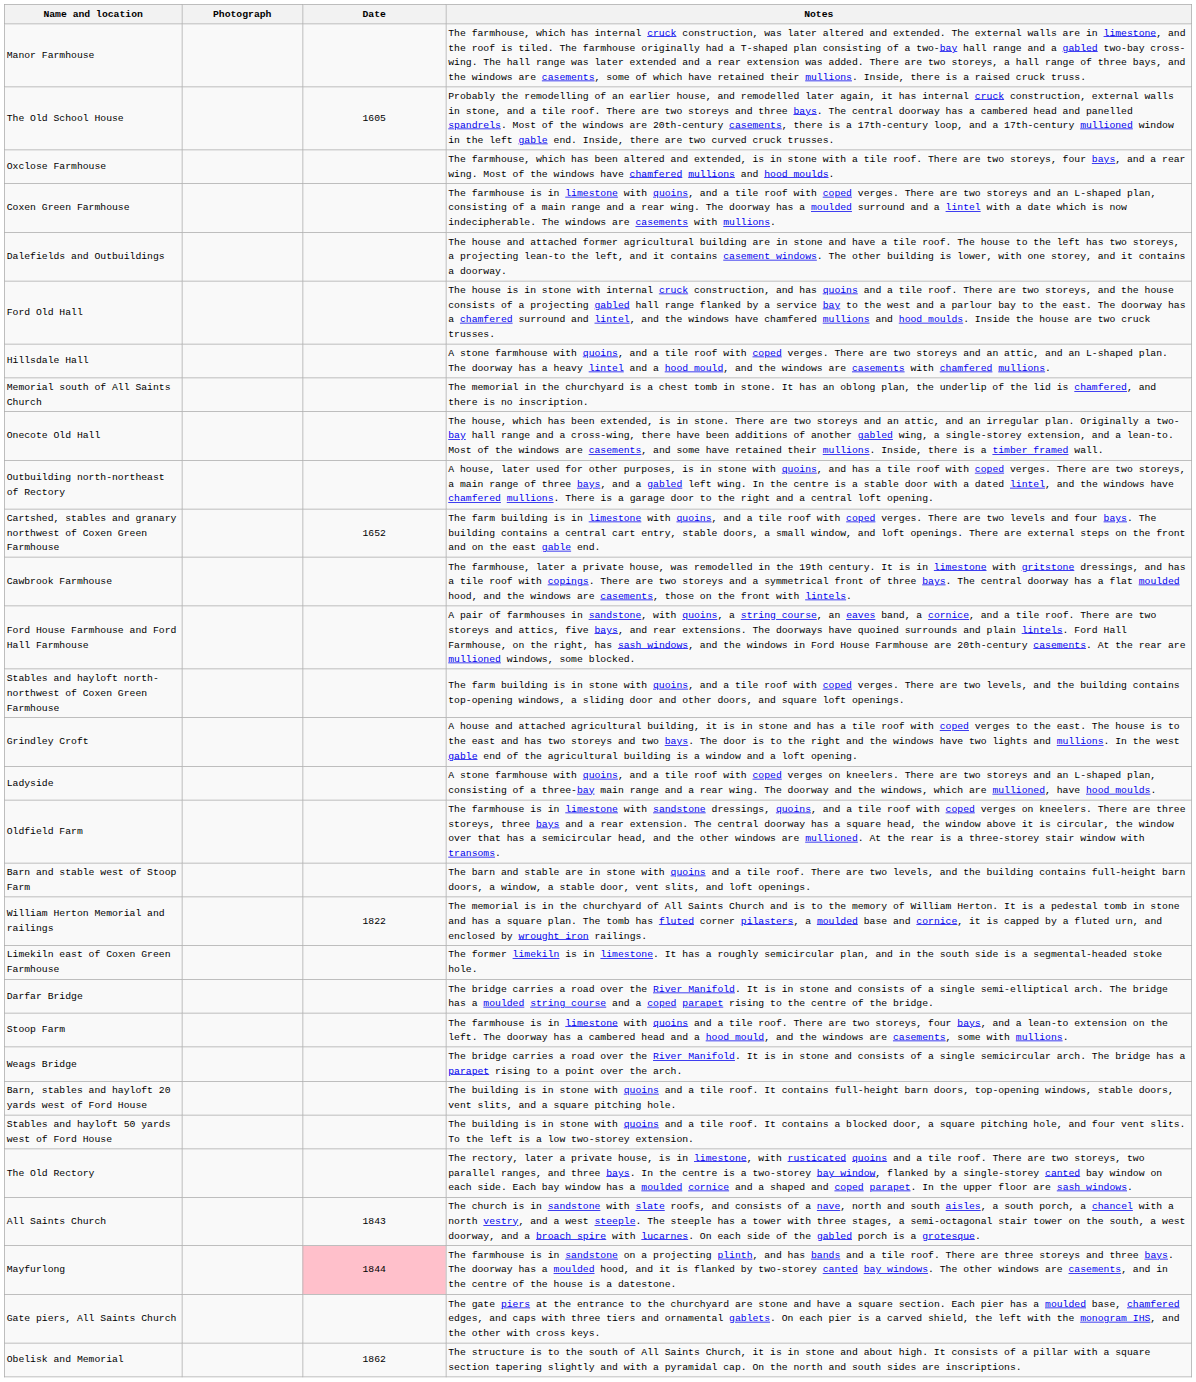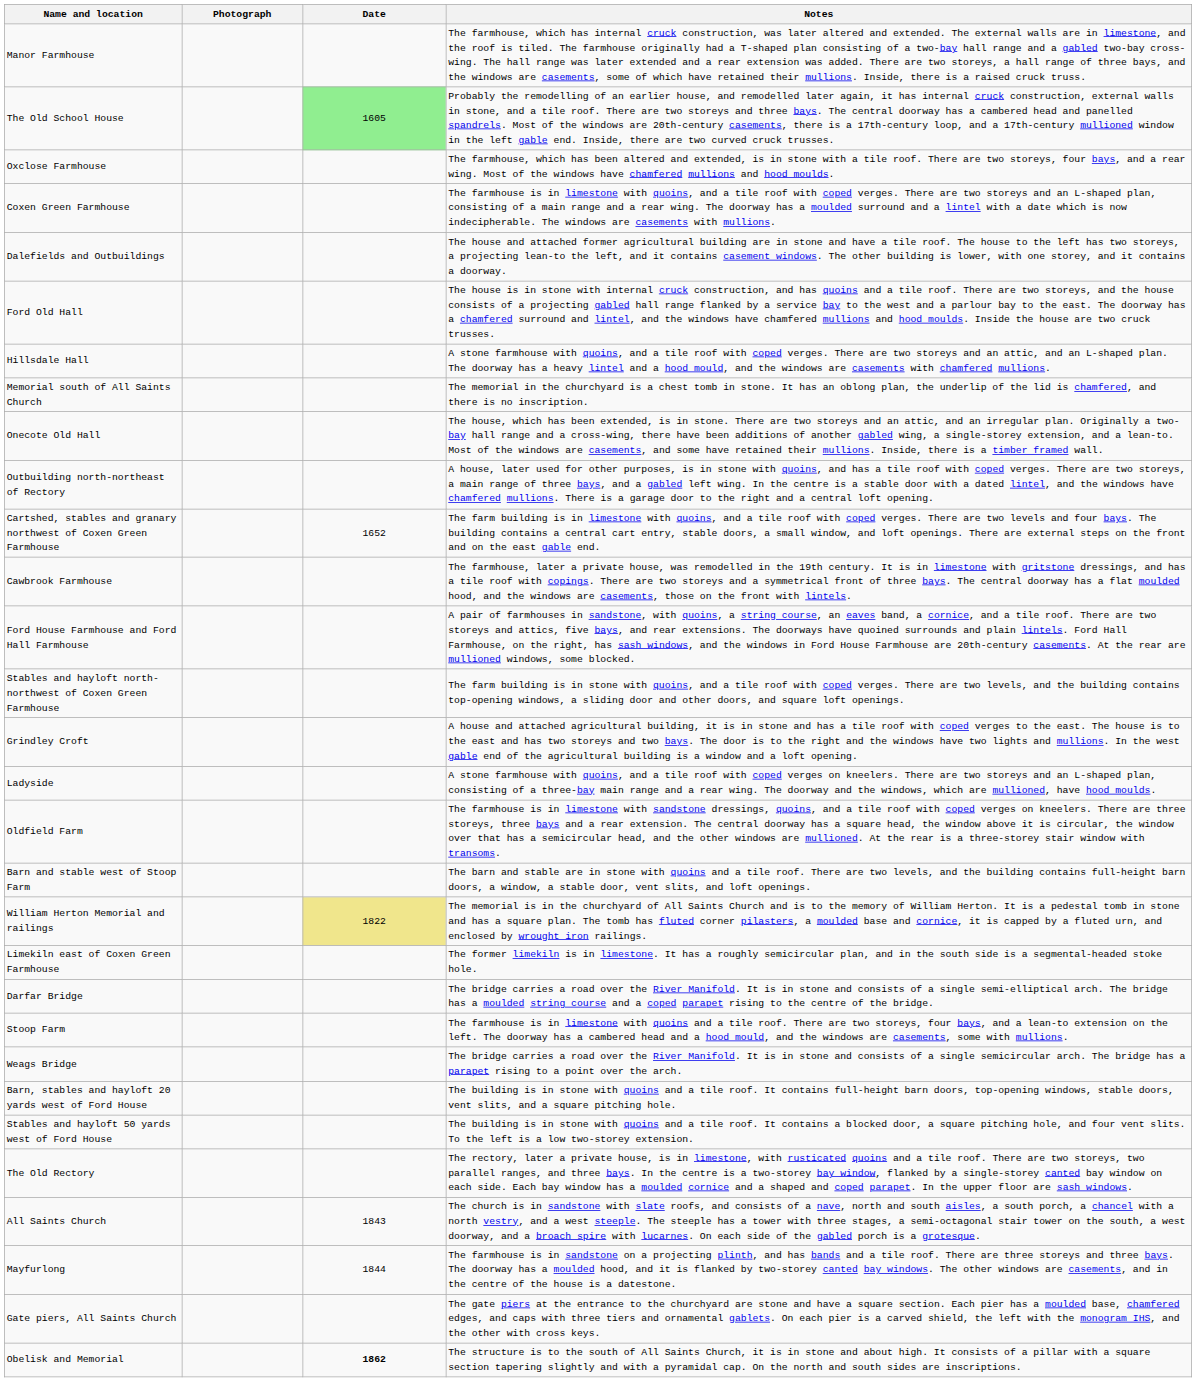 <table class="wikitable sortable plainrowheaders" style="width:100%; border:0px; text-align:left; line-height:150%">
 <tr>
 <th scope="col"  style="width:150px">Name and location</th>
 <th scope="col"  style="width:100px" class="unsortable">Photograph</th>
 <th scope="col"  style="width:120px">Date</th>
 <th scope="col"  style="width:650px" class="unsortable">Notes</th>
 </tr>
 <tr>
 <td>Manor Farmhouse<br><small></small></td>
 <td></td>
 <td align="center"></td>
 <td>The farmhouse, which has internal <a href='#'>cruck</a> construction, was later altered and extended.  The external walls are in <a href='#'>limestone</a>, and the roof is tiled.  The farmhouse originally had a T-shaped plan consisting of a two-<a href='#'>bay</a> hall range and a <a href='#'>gabled</a> two-bay cross-wing.  The hall range was later extended and a rear extension was added.  There are two storeys, a hall range of three bays, and the windows are <a href='#'>casements</a>, some of which have retained their <a href='#'>mullions</a>.  Inside, there is a raised cruck truss.</td>
 </tr>
 <tr>
 <td>The Old School House<br><small></small></td>
 <td></td>
-<td align="center">1605</td>
+<td align="center" style="background: lightgreen;">1605</td>
 <td>Probably the remodelling of an earlier house, and remodelled later again, it has internal <a href='#'>cruck</a> construction, external walls in stone, and a tile roof.  There are two storeys and three <a href='#'>bays</a>.  The central doorway has a cambered head and panelled <a href='#'>spandrels</a>.  Most of the windows are 20th-century <a href='#'>casements</a>, there is a 17th-century loop, and a 17th-century <a href='#'>mullioned</a> window in the left <a href='#'>gable</a> end.  Inside, there are two curved cruck trusses.</td>
 </tr>
 <tr>
 <td>Oxclose Farmhouse<br><small></small></td>
 <td></td>
 <td align="center"></td>
 <td>The farmhouse, which has been altered and extended, is in stone with a tile roof.  There are two storeys, four <a href='#'>bays</a>, and a rear wing.  Most of the windows have <a href='#'>chamfered</a> <a href='#'>mullions</a> and <a href='#'>hood moulds</a>.</td>
 </tr>
 <tr>
 <td>Coxen Green Farmhouse<br><small></small></td>
 <td></td>
 <td align="center"></td>
 <td>The farmhouse is in <a href='#'>limestone</a> with <a href='#'>quoins</a>, and a tile roof with <a href='#'>coped</a> verges.  There are two storeys and an L-shaped plan, consisting of a main range and a rear wing.  The doorway has a <a href='#'>moulded</a> surround and a <a href='#'>lintel</a> with a date which is now indecipherable.  The windows are <a href='#'>casements</a> with <a href='#'>mullions</a>.</td>
 </tr>
 <tr>
 <td>Dalefields and Outbuildings<br><small></small></td>
 <td></td>
 <td align="center"></td>
 <td>The house and attached former agricultural building are in stone and have a tile roof.  The house to the left has two storeys, a projecting lean-to the left, and it contains <a href='#'>casement windows</a>.  The other building is lower, with one storey, and it contains a doorway.</td>
 </tr>
 <tr>
 <td>Ford Old Hall<br><small></small></td>
 <td></td>
 <td align="center"></td>
 <td>The house is in stone with internal <a href='#'>cruck</a> construction, and has <a href='#'>quoins</a> and a tile roof. There are two storeys, and the house consists of a projecting <a href='#'>gabled</a> hall range flanked by a service <a href='#'>bay</a> to the west and a parlour bay to the east. The doorway has a <a href='#'>chamfered</a> surround and <a href='#'>lintel</a>, and the windows have chamfered <a href='#'>mullions</a> and <a href='#'>hood moulds</a>. Inside the house are two cruck trusses.</td>
 </tr>
 <tr>
 <td>Hillsdale Hall<br><small></small></td>
 <td></td>
 <td align="center"></td>
 <td>A stone farmhouse with <a href='#'>quoins</a>, and a tile roof with <a href='#'>coped</a> verges. There are two storeys and an attic, and an L-shaped plan. The doorway has a heavy <a href='#'>lintel</a> and a <a href='#'>hood mould</a>, and the windows are <a href='#'>casements</a> with <a href='#'>chamfered</a> <a href='#'>mullions</a>.</td>
 </tr>
 <tr>
 <td>Memorial south of All Saints Church<br><small></small></td>
 <td></td>
 <td align="center"></td>
 <td>The memorial in the churchyard is a chest tomb in stone.  It has an oblong plan, the underlip of the lid is <a href='#'>chamfered</a>, and there is no inscription.</td>
 </tr>
 <tr>
 <td>Onecote Old Hall<br><small></small></td>
 <td></td>
 <td align="center"></td>
 <td>The house, which has been extended, is in stone.  There are two storeys and an attic, and an irregular plan.  Originally a two-<a href='#'>bay</a> hall range and a cross-wing, there have been additions of another <a href='#'>gabled</a> wing, a single-storey extension, and a lean-to.  Most of the windows are <a href='#'>casements</a>, and some have retained their <a href='#'>mullions</a>.  Inside, there is a <a href='#'>timber framed</a> wall.</td>
 </tr>
 <tr>
 <td>Outbuilding north-northeast of Rectory<br><small></small></td>
 <td></td>
 <td align="center"></td>
 <td>A house, later used for other purposes, is in stone with <a href='#'>quoins</a>, and has a tile roof with <a href='#'>coped</a> verges.  There are two storeys, a main range of three <a href='#'>bays</a>, and a <a href='#'>gabled</a> left wing.  In the centre is a stable door with a dated <a href='#'>lintel</a>, and the windows have <a href='#'>chamfered</a> <a href='#'>mullions</a>.  There is a garage door to the right and a central loft opening.</td>
 </tr>
 <tr>
 <td>Cartshed, stables and granary northwest of Coxen Green Farmhouse<br><small></small></td>
 <td></td>
 <td align="center">1652</td>
 <td>The farm building is in <a href='#'>limestone</a> with <a href='#'>quoins</a>, and a tile roof with <a href='#'>coped</a> verges.  There are two levels and four <a href='#'>bays</a>.  The building contains a central cart entry, stable doors, a small window, and loft openings.  There are external steps on the front and on the east <a href='#'>gable</a> end.</td>
 </tr>
 <tr>
 <td>Cawbrook Farmhouse<br><small></small></td>
 <td></td>
 <td align="center"></td>
 <td>The farmhouse, later a private house, was remodelled in the 19th century.  It is in <a href='#'>limestone</a> with <a href='#'>gritstone</a> dressings, and has a tile roof with <a href='#'>copings</a>.  There are two storeys and a symmetrical front of three <a href='#'>bays</a>.  The central doorway has a flat <a href='#'>moulded</a> hood, and the windows are <a href='#'>casements</a>, those on the front with <a href='#'>lintels</a>.</td>
 </tr>
 <tr>
 <td>Ford House Farmhouse and Ford Hall Farmhouse<br><small></small></td>
 <td></td>
 <td align="center"></td>
 <td>A pair of farmhouses in <a href='#'>sandstone</a>, with <a href='#'>quoins</a>, a <a href='#'>string course</a>, an <a href='#'>eaves</a> band, a <a href='#'>cornice</a>, and a tile roof. There are two storeys and attics, five <a href='#'>bays</a>, and rear extensions.  The doorways have quoined surrounds and plain <a href='#'>lintels</a>.  Ford Hall Farmhouse, on the right, has <a href='#'>sash windows</a>, and the windows in Ford House Farmhouse are 20th-century <a href='#'>casements</a>.  At the rear are <a href='#'>mullioned</a> windows, some blocked.</td>
 </tr>
 <tr>
 <td>Stables and hayloft north-northwest of Coxen Green Farmhouse<br><small></small></td>
 <td></td>
 <td align="center"></td>
 <td>The farm building is in stone with <a href='#'>quoins</a>, and a tile roof with <a href='#'>coped</a> verges.  There are two levels, and the building contains top-opening windows, a sliding door and other doors, and square loft openings.</td>
 </tr>
 <tr>
 <td>Grindley Croft<br><small></small></td>
 <td></td>
 <td align="center"></td>
 <td>A house and attached agricultural building, it is in stone and has a tile roof with <a href='#'>coped</a> verges to the east.  The house is to the east and has two storeys and two <a href='#'>bays</a>.  The door is to the right and the windows have two lights and <a href='#'>mullions</a>.  In the west <a href='#'>gable</a> end of the agricultural building is a window and a loft opening.</td>
 </tr>
 <tr>
 <td>Ladyside<br><small></small></td>
 <td></td>
 <td align="center"></td>
 <td>A stone farmhouse with <a href='#'>quoins</a>, and a tile roof with <a href='#'>coped</a> verges on kneelers.  There are two storeys and an L-shaped plan, consisting of a three-<a href='#'>bay</a> main range and a rear wing.  The doorway and the windows, which are <a href='#'>mullioned</a>, have <a href='#'>hood moulds</a>.</td>
 </tr>
 <tr>
 <td>Oldfield Farm<br><small></small></td>
 <td></td>
 <td align="center"></td>
 <td>The farmhouse is in <a href='#'>limestone</a> with <a href='#'>sandstone</a> dressings, <a href='#'>quoins</a>, and a tile roof with <a href='#'>coped</a> verges on kneelers.  There are three storeys, three <a href='#'>bays</a> and a rear extension.  The central doorway has a square head, the window above it is circular, the window over that has a semicircular head, and the other windows are <a href='#'>mullioned</a>.  At the rear is a three-storey stair window with <a href='#'>transoms</a>.</td>
 </tr>
 <tr>
 <td>Barn and stable west of Stoop Farm<br><small></small></td>
 <td></td>
 <td align="center"></td>
 <td>The barn and stable are in stone with <a href='#'>quoins</a> and a tile roof.  There are two levels, and the building contains full-height barn doors, a window, a stable door, vent slits, and loft openings.</td>
 </tr>
 <tr>
 <td>William Herton Memorial and railings<br><small></small></td>
 <td></td>
-<td align="center">1822</td>
+<td align="center" style="background: khaki;">1822</td>
 <td>The memorial is in the churchyard of All Saints Church and is to the memory of William Herton.  It is a pedestal tomb in stone and has a square plan.  The tomb has <a href='#'>fluted</a> corner <a href='#'>pilasters</a>, a <a href='#'>moulded</a> base and <a href='#'>cornice</a>, it is capped by a fluted urn, and enclosed by <a href='#'>wrought iron</a> railings.</td>
 </tr>
 <tr>
 <td>Limekiln east of Coxen Green Farmhouse<br><small></small></td>
 <td></td>
 <td align="center"></td>
 <td>The former <a href='#'>limekiln</a> is in <a href='#'>limestone</a>.  It has a roughly semicircular plan, and in the south side is a segmental-headed stoke hole.</td>
 </tr>
 <tr>
 <td>Darfar Bridge<br><small></small></td>
 <td></td>
 <td align="center"></td>
 <td>The bridge carries a road over the <a href='#'>River Manifold</a>.  It is in stone and consists of a single semi-elliptical arch.  The bridge has a <a href='#'>moulded</a> <a href='#'>string course</a> and a <a href='#'>coped</a> <a href='#'>parapet</a> rising to the centre of the bridge.</td>
 </tr>
 <tr>
 <td>Stoop Farm<br><small></small></td>
 <td></td>
 <td align="center"></td>
 <td>The farmhouse is in <a href='#'>limestone</a> with <a href='#'>quoins</a> and a tile roof.  There are two storeys, four <a href='#'>bays</a>, and a lean-to extension on the left.  The doorway has a cambered head and a <a href='#'>hood mould</a>, and the windows are <a href='#'>casements</a>, some with <a href='#'>mullions</a>.</td>
 </tr>
 <tr>
 <td>Weags Bridge<br><small></small></td>
 <td></td>
 <td align="center"></td>
 <td>The bridge carries a road over the <a href='#'>River Manifold</a>.  It is in stone and consists of a single semicircular arch.  The bridge has a <a href='#'>parapet</a> rising to a point over the arch.</td>
 </tr>
 <tr>
 <td>Barn, stables and hayloft 20 yards west of Ford House<br><small></small></td>
 <td></td>
 <td align="center"></td>
 <td>The building is in stone with <a href='#'>quoins</a> and a tile roof.  It contains full-height barn doors, top-opening windows, stable doors, vent slits, and a square pitching hole.</td>
 </tr>
 <tr>
 <td>Stables and hayloft 50 yards west of Ford House<br><small></small></td>
 <td></td>
 <td align="center"></td>
 <td>The building is in stone with <a href='#'>quoins</a> and a tile roof.  It contains a blocked door, a square pitching hole, and four vent slits.  To the left is a low two-storey extension.</td>
 </tr>
 <tr>
 <td>The Old Rectory<br><small></small></td>
 <td></td>
 <td align="center"></td>
 <td>The rectory, later a private house, is in <a href='#'>limestone</a>, with <a href='#'>rusticated</a> <a href='#'>quoins</a> and a tile roof.  There are two storeys, two parallel ranges, and three <a href='#'>bays</a>.  In the centre is a two-storey <a href='#'>bay window</a>, flanked by a single-storey <a href='#'>canted</a> bay window on each side.  Each bay window has a <a href='#'>moulded</a> <a href='#'>cornice</a> and a shaped and <a href='#'>coped</a> <a href='#'>parapet</a>.  In the upper floor are <a href='#'>sash windows</a>.</td>
 </tr>
 <tr>
 <td>All Saints Church<br><small></small></td>
 <td></td>
 <td align="center">1843</td>
 <td>The church is in <a href='#'>sandstone</a> with <a href='#'>slate</a> roofs, and consists of a <a href='#'>nave</a>, north and south <a href='#'>aisles</a>, a south porch, a <a href='#'>chancel</a> with a north <a href='#'>vestry</a>, and a west <a href='#'>steeple</a>.  The steeple has a tower with three stages, a semi-octagonal stair tower on the south, a west doorway, and a <a href='#'>broach spire</a> with <a href='#'>lucarnes</a>.  On each side of the <a href='#'>gabled</a> porch is a <a href='#'>grotesque</a>.</td>
 </tr>
 <tr>
 <td>Mayfurlong<br><small></small></td>
 <td></td>
-<td align="center" style="background: pink;">1844</td>
+<td align="center">1844</td>
 <td>The farmhouse is in <a href='#'>sandstone</a> on a projecting <a href='#'>plinth</a>, and has <a href='#'>bands</a> and a tile roof.  There are three storeys and three <a href='#'>bays</a>.  The doorway has a <a href='#'>moulded</a> hood, and it is flanked by two-storey <a href='#'>canted</a> <a href='#'>bay windows</a>.  The other windows are <a href='#'>casements</a>, and in the centre of the house is a datestone.</td>
 </tr>
 <tr>
 <td>Gate piers, All Saints Church<br><small></small></td>
 <td></td>
 <td align="center"></td>
 <td>The gate <a href='#'>piers</a> at the entrance to the churchyard are stone and have a square section.  Each pier has a <a href='#'>moulded</a> base, <a href='#'>chamfered</a> edges, and caps with three tiers and ornamental <a href='#'>gablets</a>.  On each pier is a carved shield, the left with the <a href='#'>monogram IHS</a>, and the other with cross keys.</td>
 </tr>
 <tr>
 <td>Obelisk and Memorial<br><small></small></td>
 <td></td>
-<td align="center">1862</td>
+<td align="center"><strong>1862</strong></td>
 <td>The structure is to the south of All Saints Church, it is in stone and about  high.  It consists of a pillar with a square section tapering slightly and with a pyramidal cap.  On the north and south sides are inscriptions.</td>
 </tr>
 <tr>
 </tr>
 </table>
